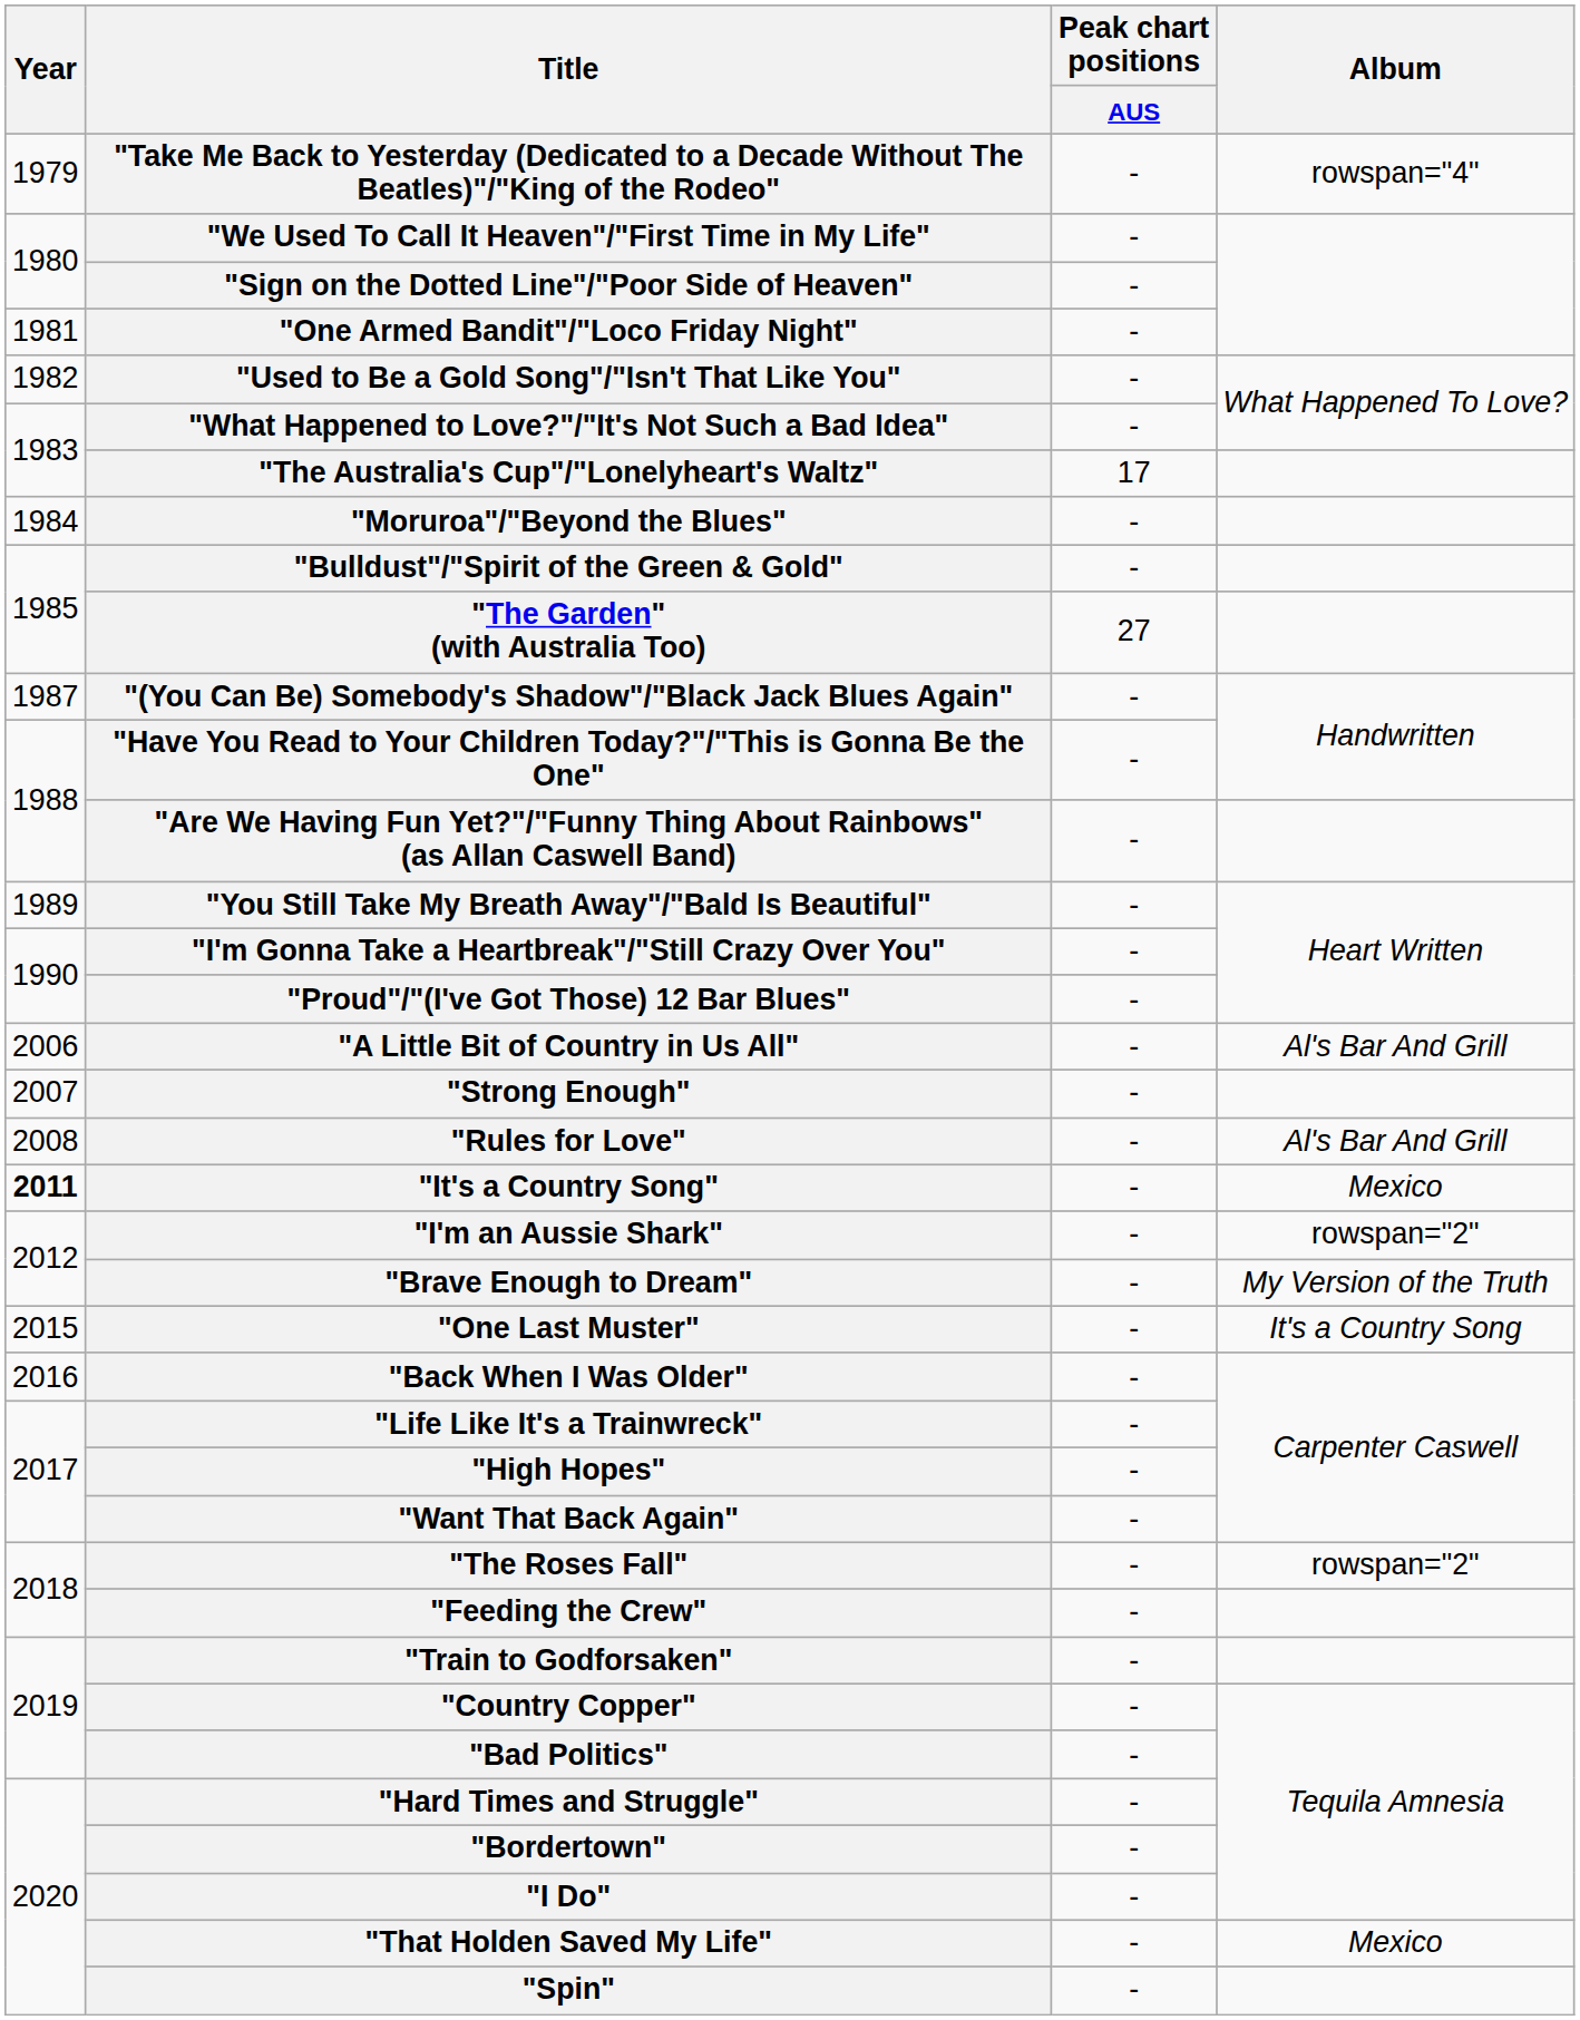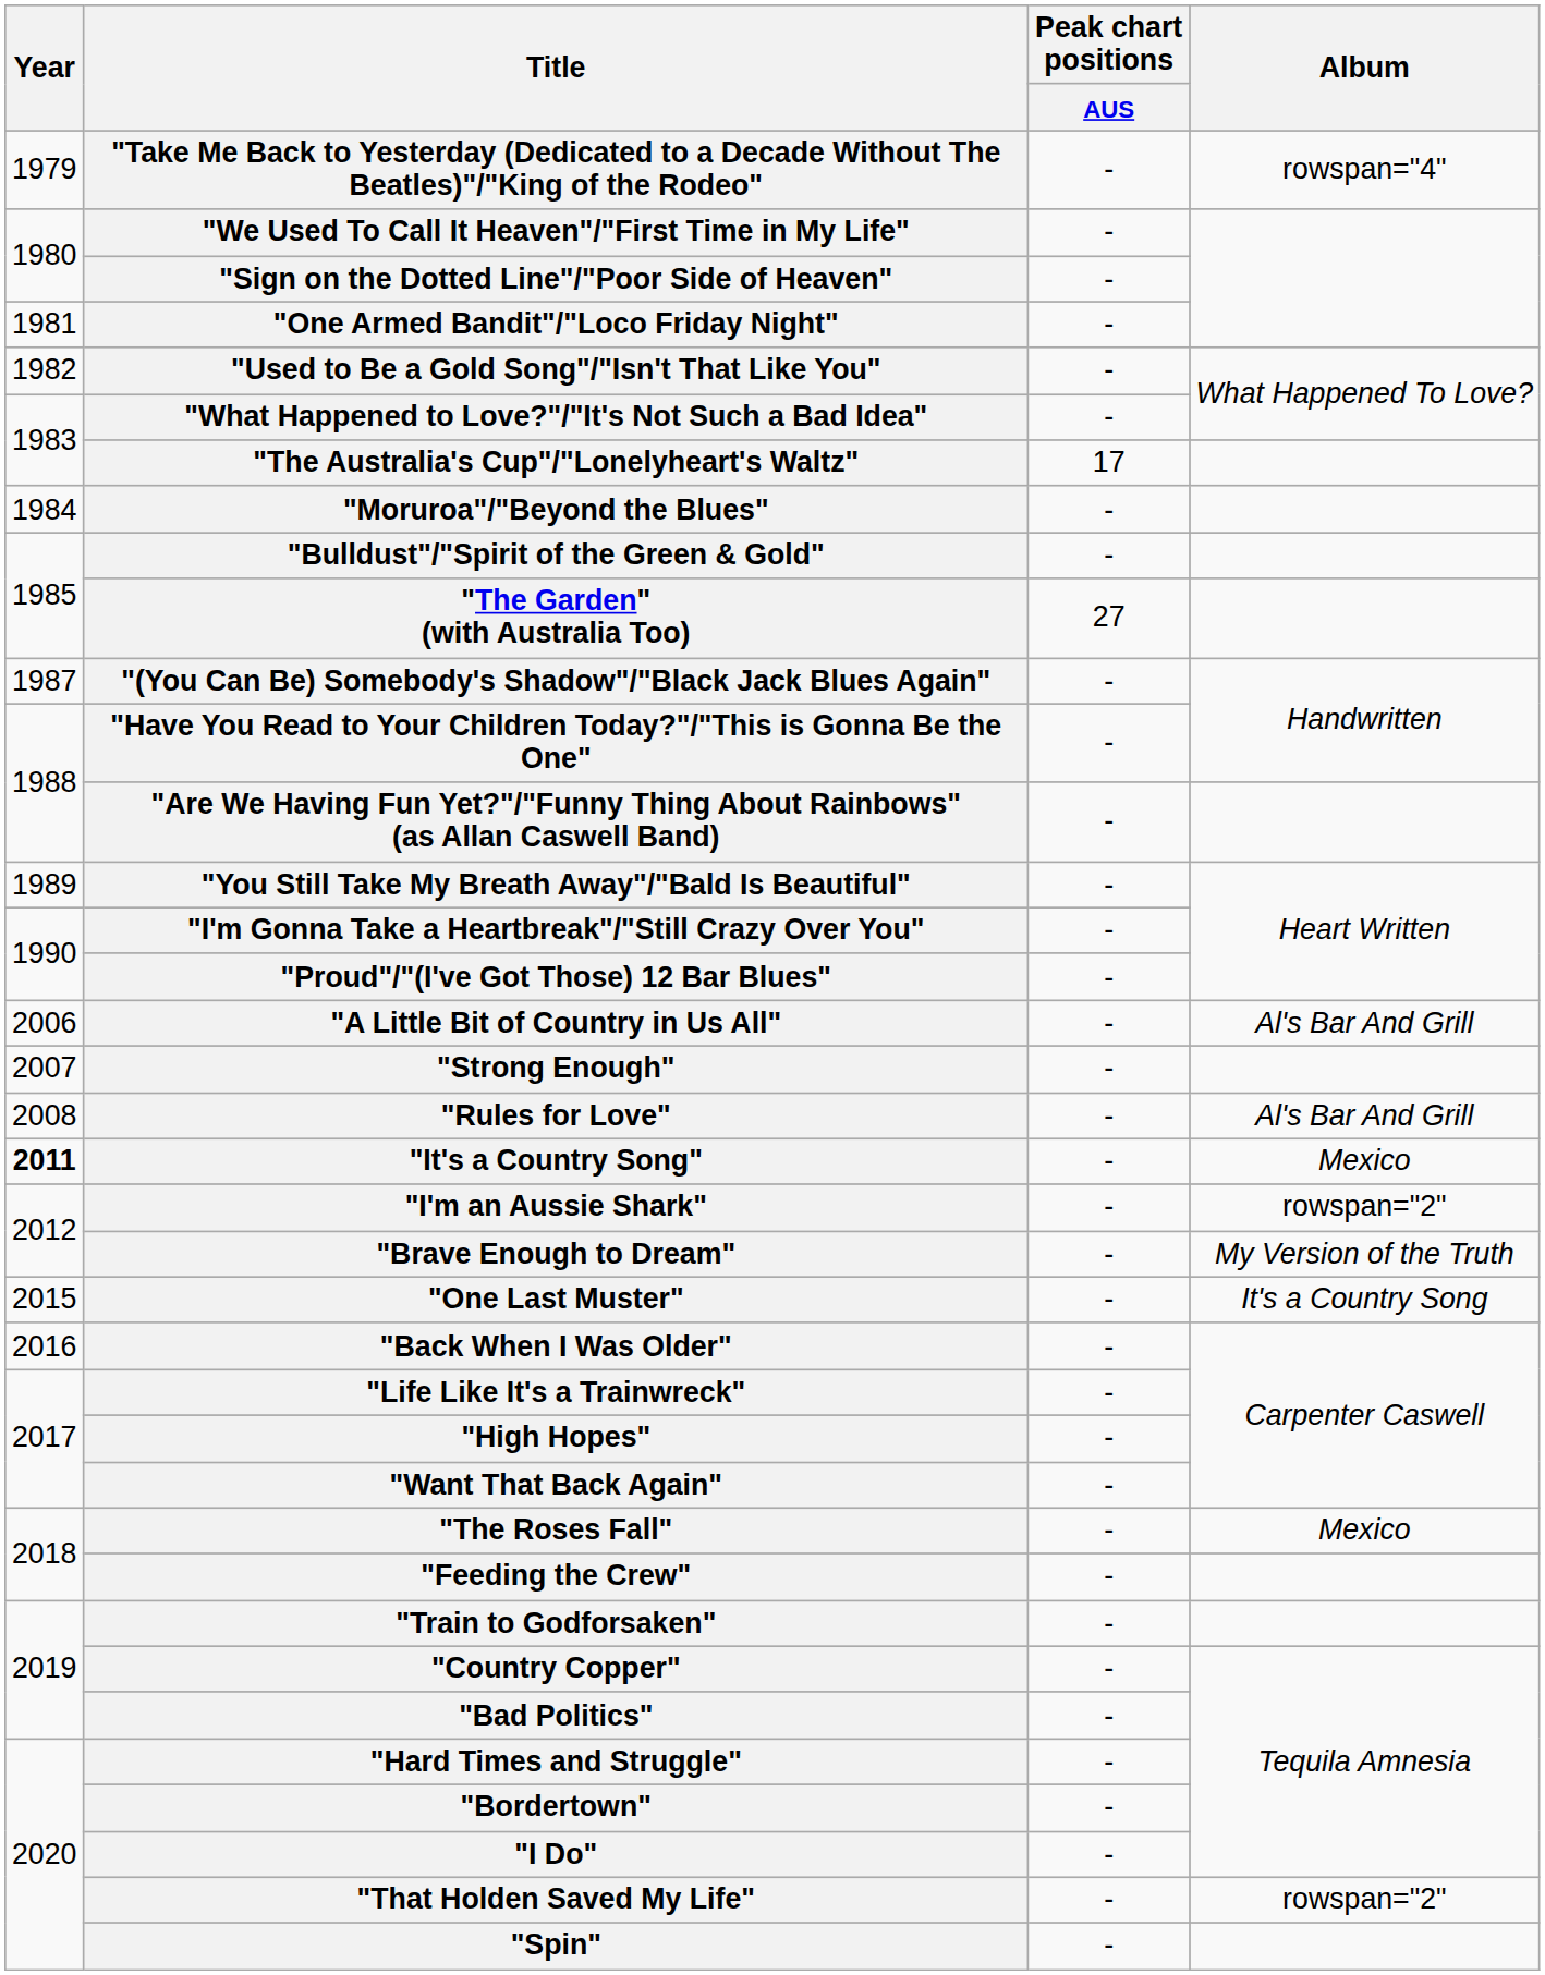 <table class="wikitable plainrowheaders" style="text-align:center;" border="1">
 <tr>
 <th scope="col" rowspan="2">Year</th>
 <th scope="col" rowspan="2" style="width:32em;">Title</th>
 <th scope="col" colspan="1">Peak chart<br>positions</th>
 <th scope="col" rowspan="2">Album</th>
 </tr>
 <tr>
 <th scope="col" style="text-align:center;"><small><a href='#'>AUS</a><br></small></th>
 </tr>
 <tr>
 <td>1979</td>
 <th scope="row">"Take Me Back to Yesterday (Dedicated to a Decade Without The Beatles)"/"King of the Rodeo"</th>
 <td style="text-align:center;">-</td>
 <td>rowspan="4" </td>
 </tr>
 <tr>
 <td rowspan="2">1980</td>
 <th scope="row">"We Used To Call It Heaven"/"First Time in My Life"</th>
 <td style="text-align:center;">-</td>
 </tr>
 <tr>
 <th scope="row">"Sign on the Dotted Line"/"Poor Side of Heaven"</th>
 <td style="text-align:center;">-</td>
 </tr>
 <tr>
 <td>1981</td>
 <th scope="row">"One Armed Bandit"/"Loco Friday Night"</th>
 <td style="text-align:center;">-</td>
 </tr>
 <tr>
 <td>1982</td>
 <th scope="row">"Used to Be a Gold Song"/"Isn't That Like You"</th>
 <td style="text-align:center;">-</td>
 <td rowspan="2"><em>What Happened To Love?</em></td>
 </tr>
 <tr>
 <td rowspan="2">1983</td>
 <th scope="row">"What Happened to Love?"/"It's Not Such a Bad Idea"</th>
 <td style="text-align:center;">-</td>
 </tr>
 <tr>
 <th scope="row">"The Australia's Cup"/"Lonelyheart's Waltz"</th>
 <td style="text-align:center;">17</td>
 <td></td>
 </tr>
 <tr>
 <td>1984</td>
 <th scope="row">"Moruroa"/"Beyond the Blues"</th>
 <td style="text-align:center;">-</td>
 <td></td>
 </tr>
 <tr>
 <td rowspan="2">1985</td>
 <th scope="row">"Bulldust"/"Spirit of the Green & Gold" </th>
 <td style="text-align:center;">-</td>
 <td></td>
 </tr>
 <tr>
 <th scope="row">"<a href='#'>The Garden</a>" <br><span>(with Australia Too)</span></th>
 <td style="text-align:center;">27</td>
 <td></td>
 </tr>
 <tr>
 <td>1987</td>
 <th scope="row">"(You Can Be) Somebody's Shadow"/"Black Jack Blues Again"</th>
 <td style="text-align:center;">-</td>
 <td rowspan="2"><em>Handwritten</em></td>
 </tr>
 <tr>
 <td rowspan="2">1988</td>
 <th scope="row">"Have You Read to Your Children Today?"/"This is Gonna Be the One"</th>
 <td style="text-align:center;">-</td>
 </tr>
 <tr>
 <th scope="row">"Are We Having Fun Yet?"/"Funny Thing About Rainbows" <br> (as Allan Caswell Band)</th>
 <td style="text-align:center;">-</td>
 <td></td>
 </tr>
 <tr>
 <td>1989</td>
 <th scope="row">"You Still Take My Breath Away"/"Bald Is Beautiful"</th>
 <td style="text-align:center;">-</td>
 <td rowspan="3"><em>Heart Written</em></td>
 </tr>
 <tr>
 <td rowspan="2">1990</td>
 <th scope="row">"I'm Gonna Take a Heartbreak"/"Still Crazy Over You"</th>
 <td style="text-align:center;">-</td>
 </tr>
 <tr>
 <th scope="row">"Proud"/"(I've Got Those) 12 Bar Blues"</th>
 <td style="text-align:center;">-</td>
 </tr>
 <tr>
 <td>2006</td>
 <th scope="row">"A Little Bit of Country in Us All"</th>
 <td style="text-align:center;">-</td>
 <td><em>Al's Bar And Grill</em></td>
 </tr>
 <tr>
 <td>2007</td>
 <th scope="row">"Strong Enough"</th>
 <td style="text-align:center;">-</td>
 <td></td>
 </tr>
 <tr>
 <td>2008</td>
 <th scope="row">"Rules for Love"</th>
 <td style="text-align:center;">-</td>
 <td><em>Al's Bar And Grill</em></td>
 </tr>
 <tr>
 <td><strong>2011</strong></td>
 <th scope="row">"It's a Country Song"</th>
 <td style="text-align:center;">-</td>
 <td><em>Mexico</em></td>
 </tr>
 <tr>
 <td rowspan="2">2012</td>
 <th scope="row">"I'm an Aussie Shark"</th>
 <td style="text-align:center;">-</td>
 <td>rowspan="2" </td>
 </tr>
 <tr>
 <th scope="row">"Brave Enough to Dream"</th>
 <td style="text-align:center;">-</td>
 <td><em>My Version of the Truth</em></td>
 </tr>
 <tr>
 <td>2015</td>
 <th scope="row">"One Last Muster"</th>
 <td style="text-align:center;">-</td>
 <td><em>It's a Country Song</em></td>
 </tr>
 <tr>
 <td>2016</td>
 <th scope="row">"Back When I Was Older" </th>
 <td style="text-align:center;">-</td>
 <td rowspan="4"><em>Carpenter Caswell</em></td>
 </tr>
 <tr>
 <td rowspan="3">2017</td>
 <th scope="row">"Life Like It's a Trainwreck" </th>
 <td style="text-align:center;">-</td>
 </tr>
 <tr>
 <th scope="row">"High Hopes" </th>
 <td style="text-align:center;">-</td>
 </tr>
 <tr>
 <th scope="row">"Want That Back Again" </th>
 <td style="text-align:center;">-</td>
 </tr>
 <tr>
 <td rowspan="2">2018</td>
 <th scope="row">"The Roses Fall" </th>
 <td style="text-align:center;">-</td>
-<td>rowspan="2" </td>
+<td><em>Mexico</em></td>
 </tr>
 <tr>
 <th scope="row">"Feeding the Crew"</th>
 <td style="text-align:center;">-</td>
 <td></td>
 </tr>
 <tr>
 <td rowspan="3">2019</td>
 <th scope="row">"Train to Godforsaken"</th>
 <td style="text-align:center;">-</td>
 <td></td>
 </tr>
 <tr>
 <th scope="row">"Country Copper"</th>
 <td style="text-align:center;">-</td>
 <td rowspan="5"><em>Tequila Amnesia</em></td>
 </tr>
 <tr>
 <th scope="row">"Bad Politics" </th>
 <td style="text-align:center;">-</td>
 </tr>
 <tr>
 <td rowspan="5">2020</td>
 <th scope="row">"Hard Times and Struggle"</th>
 <td style="text-align:center;">-</td>
 </tr>
 <tr>
 <th scope="row">"Bordertown"</th>
 <td style="text-align:center;">-</td>
 </tr>
 <tr>
 <th scope="row">"I Do" </th>
 <td style="text-align:center;">-</td>
 </tr>
 <tr>
 <th scope="row">"That Holden Saved My Life"</th>
 <td style="text-align:center;">-</td>
-<td><em>Mexico</em></td>
+<td>rowspan="2" </td>
 </tr>
 <tr>
 <th scope="row">"Spin" </th>
 <td style="text-align:center;">-</td>
 </tr>
 </table>
